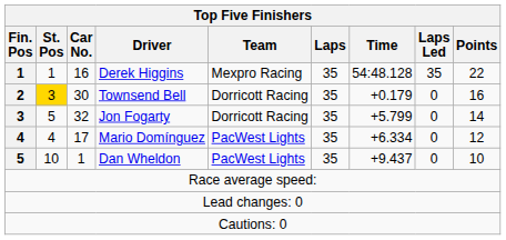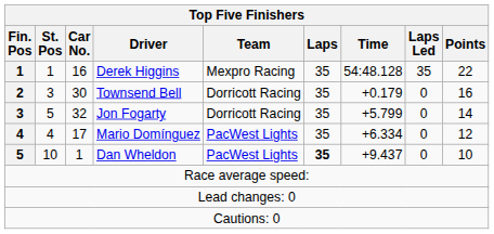 <table class="wikitable" style="font-size:95%;">
 <tr>
 <th colspan=9>Top Five Finishers</th>
 </tr>
 <tr>
 <th>Fin.<br>Pos</th>
 <th>St.<br>Pos</th>
 <th>Car<br>No.</th>
 <th>Driver</th>
 <th>Team</th>
 <th>Laps</th>
 <th>Time</th>
 <th>Laps<br>Led</th>
 <th>Points</th>
 </tr>
 <tr>
 <th>1</th>
 <td align=center>1</td>
 <td align=center>16</td>
 <td> <a href='#'>Derek Higgins</a></td>
 <td>Mexpro Racing</td>
 <td align=center>35</td>
 <td align=right>54:48.128</td>
 <td align=center>35</td>
 <td align=center>22</td>
 </tr>
 <tr>
 <th>2</th>
-<td align=center style="background: gold;">3</td>
+<td align=center>3</td>
 <td align=center>30</td>
 <td> <a href='#'>Townsend Bell</a></td>
 <td>Dorricott Racing</td>
 <td align=center>35</td>
 <td align=right>+0.179</td>
 <td align=center>0</td>
 <td align=center>16</td>
 </tr>
 <tr>
 <th>3</th>
 <td align=center>5</td>
 <td align=center>32</td>
 <td> <a href='#'>Jon Fogarty</a></td>
 <td>Dorricott Racing</td>
 <td align=center>35</td>
 <td align=right>+5.799</td>
 <td align=center>0</td>
 <td align=center>14</td>
 </tr>
 <tr>
 <th>4</th>
 <td align=center>4</td>
 <td align=center>17</td>
 <td> <a href='#'>Mario Domínguez</a></td>
 <td><a href='#'>PacWest Lights</a></td>
 <td align=center>35</td>
 <td align=right>+6.334</td>
 <td align=center>0</td>
 <td align=center>12</td>
 </tr>
 <tr>
 <th>5</th>
 <td align=center>10</td>
 <td align=center>1</td>
 <td> <a href='#'>Dan Wheldon</a></td>
 <td><a href='#'>PacWest Lights</a></td>
-<td align=center>35</td>
+<td align=center><strong>35</strong></td>
 <td align=right>+9.437</td>
 <td align=center>0</td>
 <td align=center>10</td>
 </tr>
 <tr>
 <td align=center colspan=9>Race average speed: </td>
 </tr>
 <tr>
 <td align=center colspan=9>Lead changes: 0</td>
 </tr>
 <tr>
 <td align=center colspan=9>Cautions: 0</td>
 </tr>
 </table>
